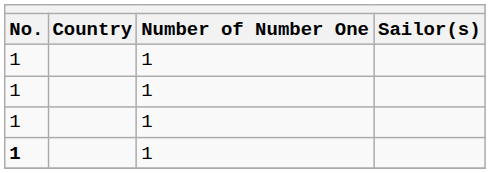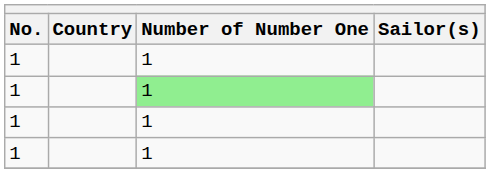 <table class="sortable wikitable">
 <tr>
 <th colspan="4"></th>
 </tr>
 <tr>
 <th>No.</th>
 <th>Country</th>
 <th>Number of Number One</th>
 <th>Sailor(s)</th>
 </tr>
 <tr>
 <td>1</td>
 <td></td>
 <td>1</td>
 <td></td>
 </tr>
 <tr>
 <td>1</td>
 <td></td>
+<td style="background: lightgreen;">1</td>
+<td></td>
+</tr>
+<tr>
+<td>1</td>
+<td></td>
 <td>1</td>
 <td></td>
 </tr>
 <tr>
 <td>1</td>
 <td></td>
 <td>1</td>
 <td></td>
 </tr>
 <tr>
-<td><strong>1</strong></td>
-<td></td>
-<td>1</td>
-<td></td>
-</tr>
-<tr>
 </tr>
 </table>
